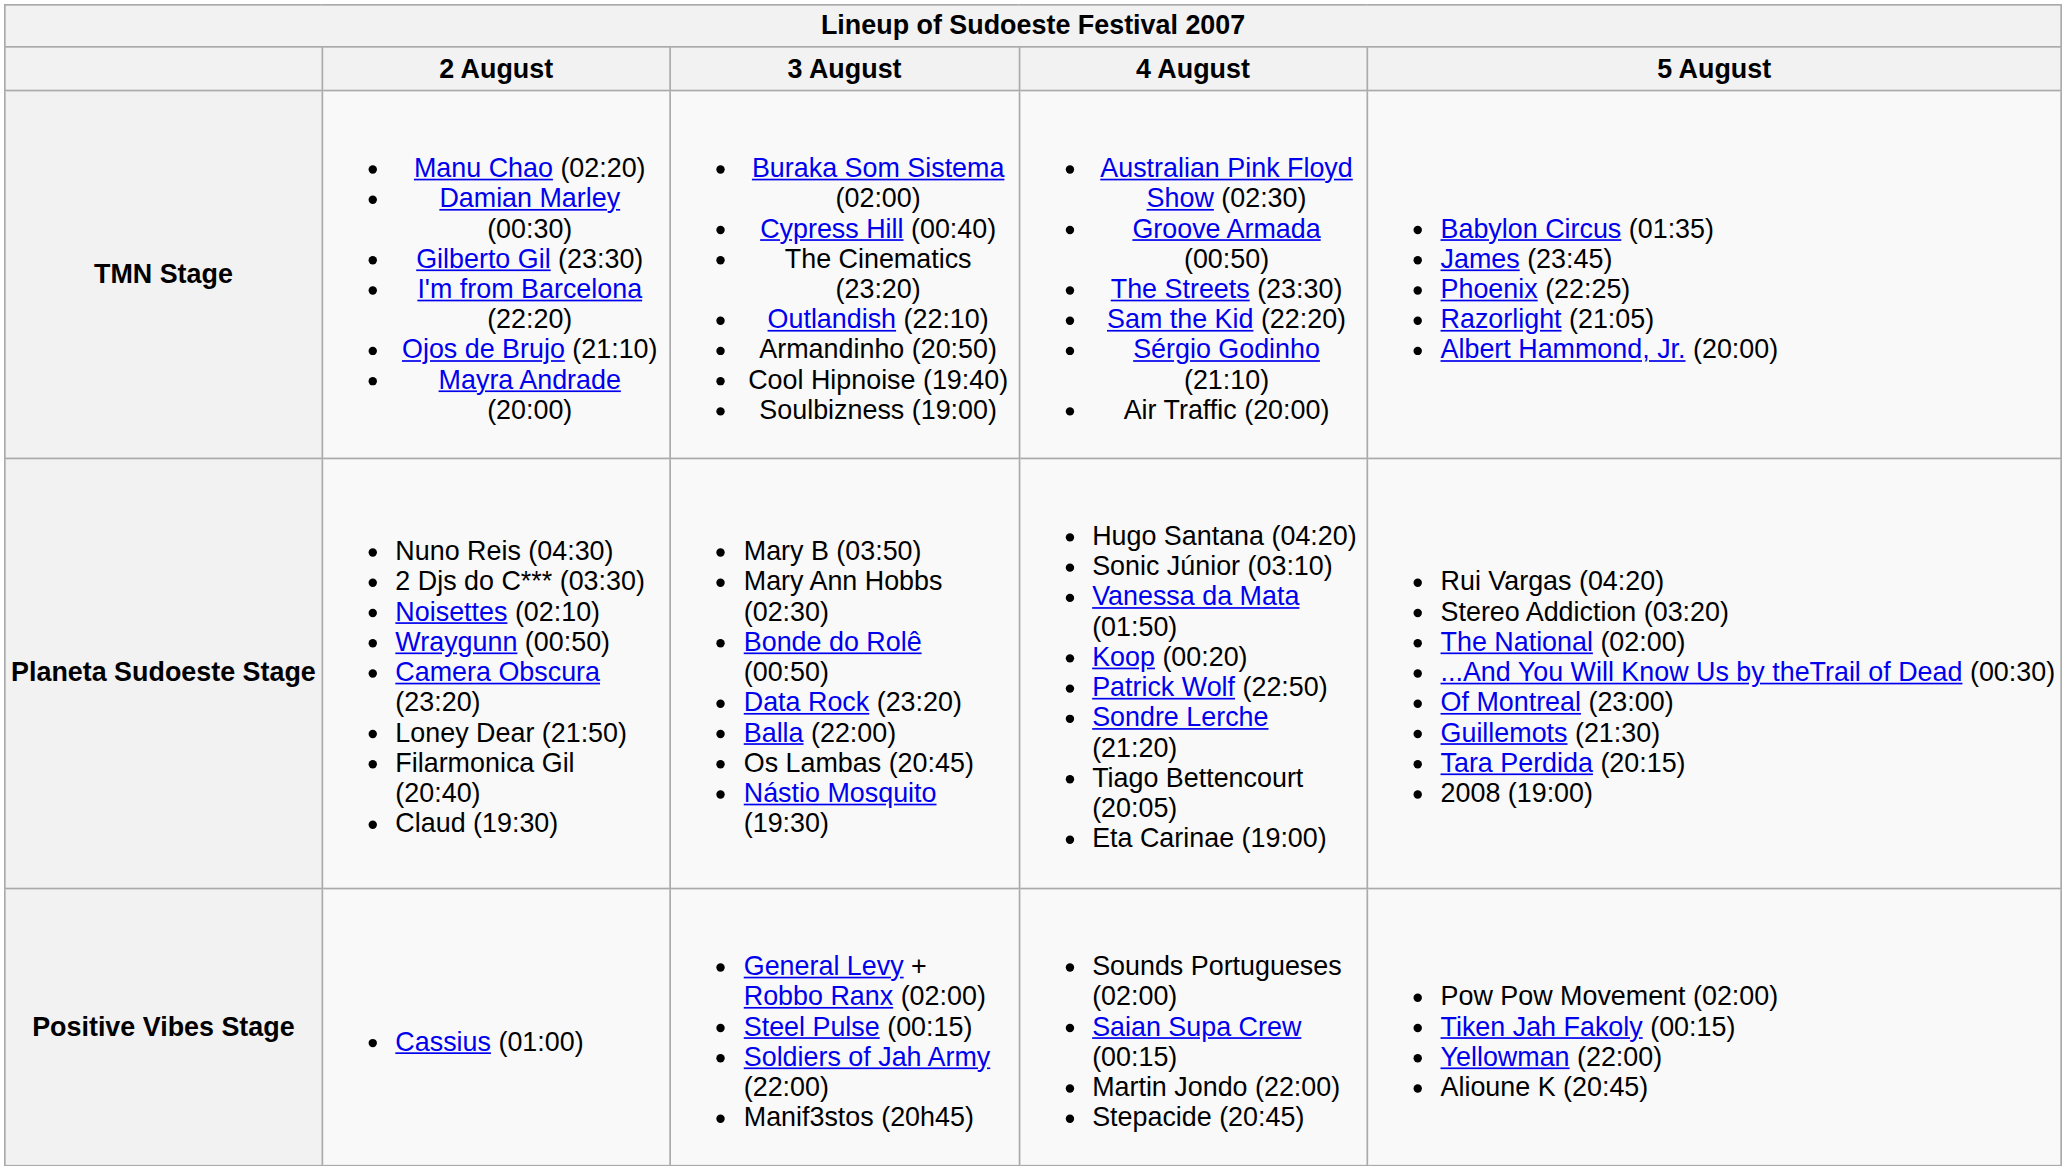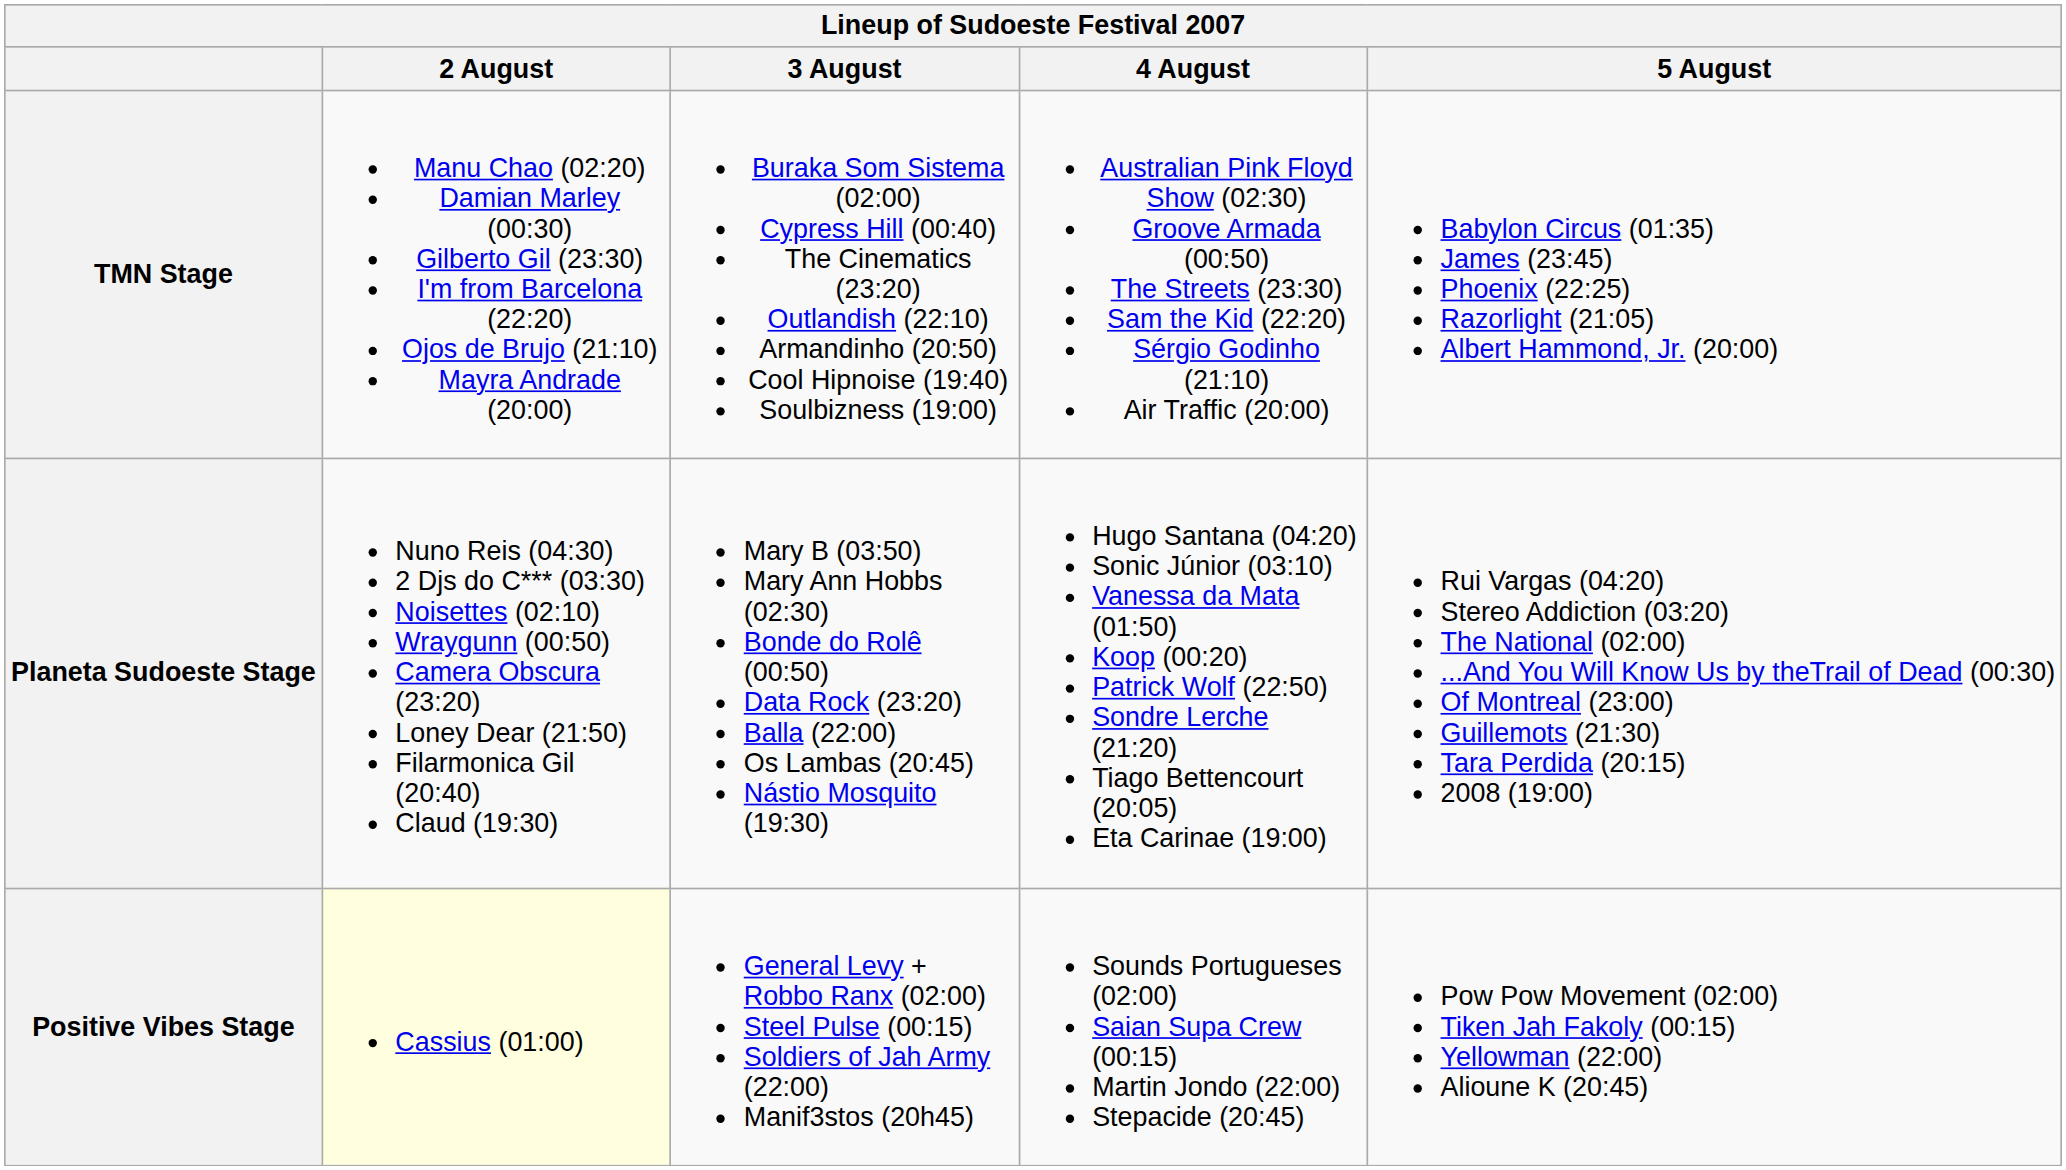 <table class="wikitable mw-collapsible">
 <tr>
 <th colspan="5">Lineup of Sudoeste Festival 2007</th>
 </tr>
 <tr>
 <th></th>
 <th>2 August</th>
 <th>3 August</th>
 <th>4 August</th>
 <th>5 August</th>
 </tr>
 <tr>
 <th><strong>TMN Stage</strong></th>
 <td width="200" align="center" valign="top"><br><ul><li><a href='#'>Manu Chao</a>  (02:20)</li><li><a href='#'>Damian Marley</a> (00:30)</li><li><a href='#'>Gilberto Gil</a> (23:30)</li><li><a href='#'>I'm from Barcelona</a> (22:20)</li><li><a href='#'>Ojos de Brujo</a> (21:10)</li><li><a href='#'>Mayra Andrade</a> (20:00)</li></ul></td>
 <td width="200" align="center" valign="top"><br><ul><li><a href='#'>Buraka Som Sistema</a> (02:00)</li><li><a href='#'>Cypress Hill</a> (00:40)</li><li>The Cinematics (23:20)</li><li><a href='#'>Outlandish</a> (22:10)</li><li>Armandinho (20:50)</li><li>Cool Hipnoise (19:40)</li><li>Soulbizness (19:00)</li></ul></td>
 <td width="200" align="center" valign="top"><br><ul><li><a href='#'>Australian Pink Floyd Show</a> (02:30)</li><li><a href='#'>Groove Armada</a> (00:50)</li><li><a href='#'>The Streets</a> (23:30)</li><li><a href='#'>Sam the Kid</a> (22:20)</li><li><a href='#'>Sérgio Godinho</a> (21:10)</li><li>Air Traffic (20:00)</li></ul></td>
 <td><br><ul><li><a href='#'>Babylon Circus</a> (01:35)</li><li><a href='#'>James</a> (23:45)</li><li><a href='#'>Phoenix</a> (22:25)</li><li><a href='#'>Razorlight</a> (21:05)</li><li><a href='#'>Albert Hammond, Jr.</a> (20:00)</li></ul></td>
 </tr>
 <tr>
 <th><strong>Planeta Sudoeste Stage</strong></th>
 <td><br><ul><li>Nuno Reis (04:30)</li><li>2 Djs do C*** (03:30)</li><li><a href='#'>Noisettes</a> (02:10)</li><li><a href='#'>Wraygunn</a> (00:50)</li><li><a href='#'>Camera Obscura</a> (23:20)</li><li>Loney Dear (21:50)</li><li>Filarmonica Gil (20:40)</li><li>Claud (19:30)</li></ul></td>
 <td><br><ul><li>Mary B (03:50)</li><li>Mary Ann Hobbs (02:30)</li><li><a href='#'>Bonde do Rolê</a> (00:50)</li><li><a href='#'>Data Rock</a> (23:20)</li><li><a href='#'>Balla</a> (22:00)</li><li>Os Lambas (20:45)</li><li><a href='#'>Nástio Mosquito</a> (19:30)</li></ul></td>
 <td><br><ul><li>Hugo Santana (04:20)</li><li>Sonic Júnior (03:10)</li><li><a href='#'>Vanessa da Mata</a> (01:50)</li><li><a href='#'>Koop</a> (00:20)</li><li><a href='#'>Patrick Wolf</a> (22:50)</li><li><a href='#'>Sondre Lerche</a> (21:20)</li><li>Tiago Bettencourt (20:05)</li><li>Eta Carinae (19:00)</li></ul></td>
 <td><br><ul><li>Rui Vargas (04:20)</li><li>Stereo Addiction (03:20)</li><li><a href='#'>The National</a> (02:00)</li><li><a href='#'>...And You Will Know Us by theTrail of Dead</a> (00:30)</li><li><a href='#'>Of Montreal</a> (23:00)</li><li><a href='#'>Guillemots</a> (21:30)</li><li><a href='#'>Tara Perdida</a> (20:15)</li><li>2008 (19:00)</li></ul></td>
 </tr>
 <tr>
 <th><strong>Positive Vibes Stage</strong></th>
-<td><br><ul><li><a href='#'>Cassius</a> (01:00)</li></ul></td>
+<td style="background: lightyellow;"><br><ul><li><a href='#'>Cassius</a> (01:00)</li></ul></td>
 <td><br><ul><li><a href='#'>General Levy</a> + <a href='#'>Robbo Ranx</a> (02:00)</li><li><a href='#'>Steel Pulse</a> (00:15)</li><li><a href='#'>Soldiers of Jah Army</a> (22:00)</li><li>Manif3stos (20h45)</li></ul></td>
 <td><br><ul><li>Sounds Portugueses (02:00)</li><li><a href='#'>Saian Supa Crew</a> (00:15)</li><li>Martin Jondo (22:00)</li><li>Stepacide (20:45)</li></ul></td>
 <td><br><ul><li>Pow Pow Movement (02:00)</li><li><a href='#'>Tiken Jah Fakoly</a> (00:15)</li><li><a href='#'>Yellowman</a> (22:00)</li><li>Alioune K (20:45)</li></ul></td>
 </tr>
 </table>
